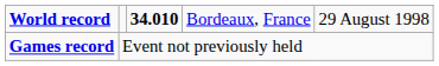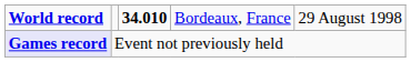 <table class="wikitable">
 <tr>
 <td><a href='#'><strong>World record</strong></a></td>
 <td></td>
 <td><strong>34.010</strong></td>
 <td><a href='#'>Bordeaux</a>, <a href='#'>France</a></td>
 <td>29 August 1998</td>
 </tr>
 <tr>
-<td><a href='#'><strong>Games record</strong></a></td>
+<td style="background: lavender;"><a href='#'><strong>Games record</strong></a></td>
 <td colspan=4>Event not previously held</td>
 </tr>
 </table>
